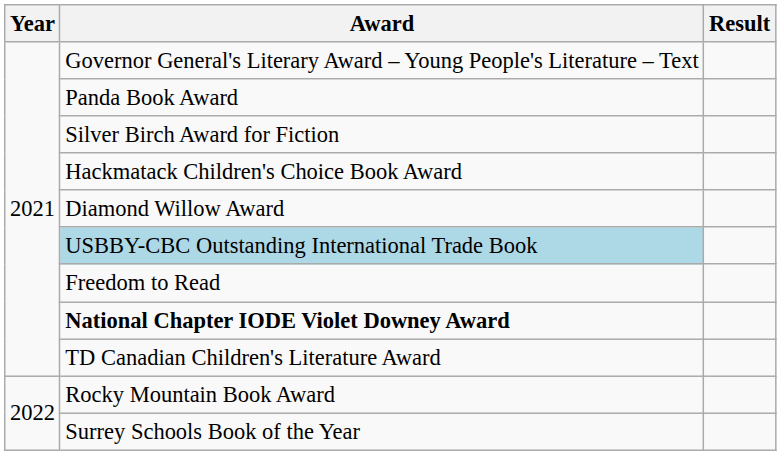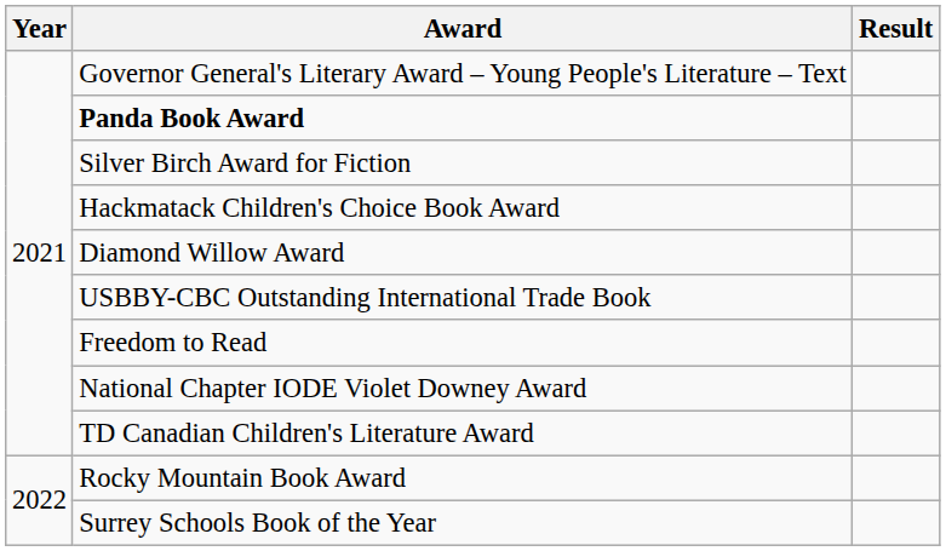 <table class="wikitable sortable" style="font-size: 95%;">
 <tr>
 <th>Year</th>
 <th>Award</th>
 <th>Result</th>
 </tr>
 <tr>
 <td style="text-align:center;" rowspan="9">2021</td>
 <td>Governor General's Literary Award – Young People's Literature – Text</td>
 <td></td>
 </tr>
 <tr>
-<td>Panda Book Award</td>
+<td><strong>Panda Book Award</strong></td>
 <td></td>
 </tr>
 <tr>
 <td>Silver Birch Award for Fiction</td>
 <td></td>
 </tr>
 <tr>
 <td>Hackmatack Children's Choice Book Award</td>
 <td></td>
 </tr>
 <tr>
 <td>Diamond Willow Award</td>
 <td></td>
 </tr>
 <tr>
-<td style="background: lightblue;">USBBY-CBC Outstanding International Trade Book</td>
+<td>USBBY-CBC Outstanding International Trade Book</td>
 <td></td>
 </tr>
 <tr>
 <td>Freedom to Read</td>
 <td></td>
 </tr>
 <tr>
-<td><strong>National Chapter IODE Violet Downey Award</strong></td>
+<td>National Chapter IODE Violet Downey Award</td>
 <td></td>
 </tr>
 <tr>
 <td>TD Canadian Children's Literature Award</td>
 <td></td>
 </tr>
 <tr>
 <td rowspan="3">2022</td>
 <td>Rocky Mountain Book Award</td>
 <td></td>
 </tr>
 <tr>
 <td>Surrey Schools Book of the Year</td>
 <td></td>
 </tr>
 </table>
